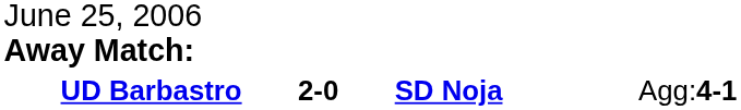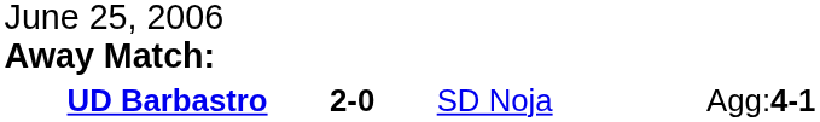 <table width=100% cellspacing=1>
 <tr>
 <th width=20%></th>
 <th width=12%></th>
 <th width=20%></th>
 <th></th>
 </tr>
 <tr>
 <td>June 25, 2006<br><strong>Away Match:</strong></td>
 </tr>
 <tr style=font-size:90%>
 <td align=right><strong><a href='#'>UD Barbastro</a></strong></td>
 <td align=center><strong>2-0</strong></td>
-<td><strong><a href='#'>SD Noja</a></strong></td>
+<td><a href='#'>SD Noja</a></td>
 <td>Agg:<strong>4-1</strong></td>
 </tr>
 </table>
